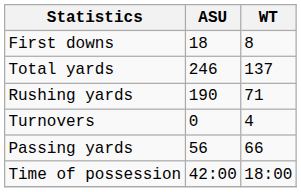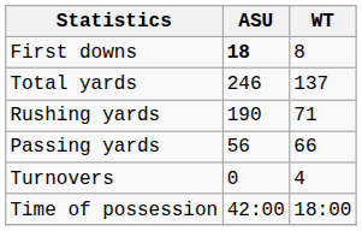 <table class="wikitable">
 <tr>
 <th>Statistics</th>
 <th>ASU</th>
 <th>WT</th>
 </tr>
 <tr>
 <td>First downs</td>
-<td>18</td>
+<td><strong>18</strong></td>
 <td>8</td>
 </tr>
 <tr>
 <td>Total yards</td>
 <td>246</td>
 <td>137</td>
 </tr>
 <tr>
 <td>Rushing yards</td>
 <td>190</td>
 <td>71</td>
 </tr>
 <tr>
+<td>Passing yards</td>
+<td>56</td>
+<td>66</td>
+</tr>
+<tr>
 <td>Turnovers</td>
 <td>0</td>
 <td>4</td>
-</tr>
-<tr>
-<td>Passing yards</td>
-<td>56</td>
-<td>66</td>
 </tr>
 <tr>
 <td>Time of possession</td>
 <td>42:00</td>
 <td>18:00</td>
 </tr>
 <tr>
 </tr>
 </table>
